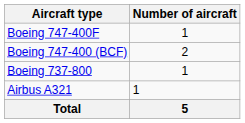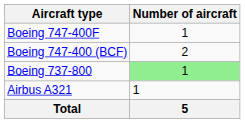 <table class="wikitable">
 <tr>
 <th>Aircraft type</th>
 <th>Number of aircraft</th>
 </tr>
 <tr>
 <td><a href='#'>Boeing 747-400F</a></td>
 <td style="text-align:center">1</td>
 </tr>
 <tr>
 <td><a href='#'>Boeing 747-400 (BCF)</a></td>
 <td style="text-align:center">2</td>
 </tr>
 <tr>
 <td><a href='#'>Boeing 737-800</a></td>
-<td style="text-align:center">1</td>
+<td style="background: lightgreen; text-align:center">1</td>
 </tr>
 <tr>
 <td><a href='#'>Airbus A321</a></td>
 <td>1</td>
 </tr>
 <tr>
 <th>Total</th>
 <th>5</th>
 </tr>
 </table>
